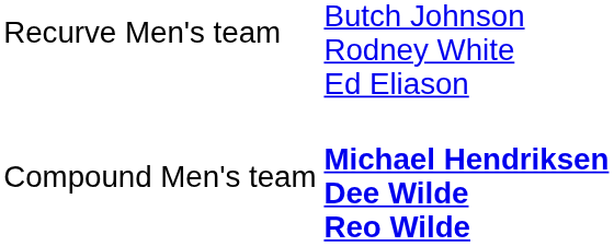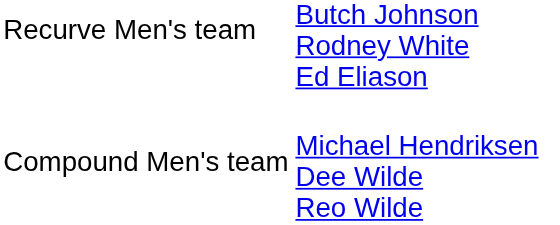 <table>
 <tr>
 <td>Recurve Men's team<br></td>
 <td><br><a href='#'>Butch Johnson</a><br><a href='#'>Rodney White</a><br><a href='#'>Ed Eliason</a></td>
 <td><br></td>
 <td><br></td>
 </tr>
 <tr>
 <td>Compound Men's team<br></td>
-<td><strong> <br><a href='#'>Michael Hendriksen</a><br><a href='#'>Dee Wilde</a><br><a href='#'>Reo Wilde</a></strong></td>
+<td> <br><a href='#'>Michael Hendriksen</a><br><a href='#'>Dee Wilde</a><br><a href='#'>Reo Wilde</a></td>
 <td> <br></td>
 <td> <br></td>
 </tr>
 </table>
